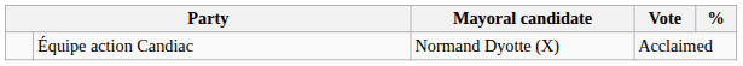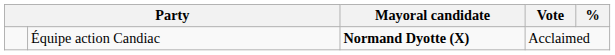 <table class="wikitable">
 <tr>
 <th bgcolor="#DDDDFF" width="370px" colspan="2">Party</th>
 <th bgcolor="#DDDDFF" width="200px">Mayoral candidate</th>
 <th bgcolor="#DDDDFF" width="50px">Vote</th>
 <th bgcolor="#DDDDFF" width="30px">%</th>
 </tr>
 <tr>
 <td> </td>
 <td>Équipe action Candiac</td>
-<td>Normand Dyotte (X)</td>
+<td><strong>Normand Dyotte (X)</strong></td>
 <td colspan="2">Acclaimed</td>
 </tr>
 </table>
